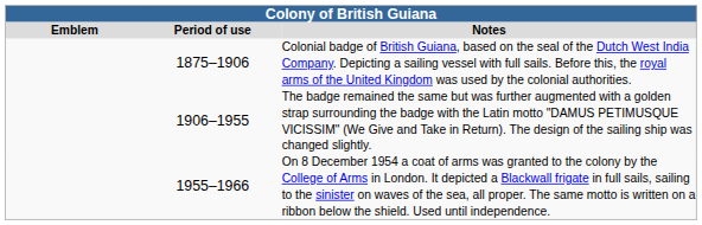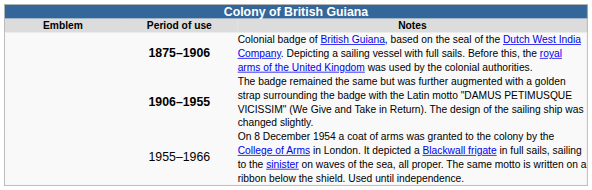 <table width="60%" cellpadding="0" cellspacing="0" border="0" border="1" cellpadding="4" cellspacing="0" style="margin: 0.5em 1em 0.5em 0; background: #f9f9f9; border: 1px #aaa solid; border-collapse: collapse;">
 <tr>
 <td align="center" colspan=3 style="background-color:#369; color:white;"><strong>Colony of British Guiana</strong></td>
 </tr>
 <tr>
 <th bgcolor = "#DCDCDC" width = "20%"><small>Emblem</small></th>
 <th bgcolor = "#DCDCDC" width = "20%"><small>Period of use</small></th>
 <th bgcolor = "#DCDCDC" width = "60%"><small>Notes</small></th>
 </tr>
 <tr>
 <td align="center"></td>
-<td align="center">1875–1906</td>
+<td align="center"><strong>1875–1906</strong></td>
 <td><small>Colonial badge of <a href='#'>British Guiana</a>, based on the seal of the <a href='#'>Dutch West India Company</a>. Depicting a sailing vessel with full sails. Before this, the <a href='#'>royal arms of the United Kingdom</a> was used by the colonial authorities.</small></td>
 </tr>
 <tr>
 <td align="center"></td>
-<td align="center">1906–1955</td>
+<td align="center"><strong>1906–1955</strong></td>
 <td><small>The badge remained the same but was further augmented with a golden strap surrounding the badge with the Latin motto "DAMUS PETIMUSQUE VICISSIM" (We Give and Take in Return). The design of the sailing ship was changed slightly.</small></td>
 </tr>
 <tr>
 <td align="center"></td>
 <td align="center">1955–1966</td>
 <td><small>On 8 December 1954 a coat of arms was granted to the colony by the <a href='#'>College of Arms</a> in London. It depicted a <a href='#'>Blackwall frigate</a> in full sails, sailing to the <a href='#'>sinister</a> on waves of the sea, all proper. The same motto is written on a ribbon below the shield. Used until independence.</small></td>
 </tr>
 <tr>
 </tr>
 </table>
